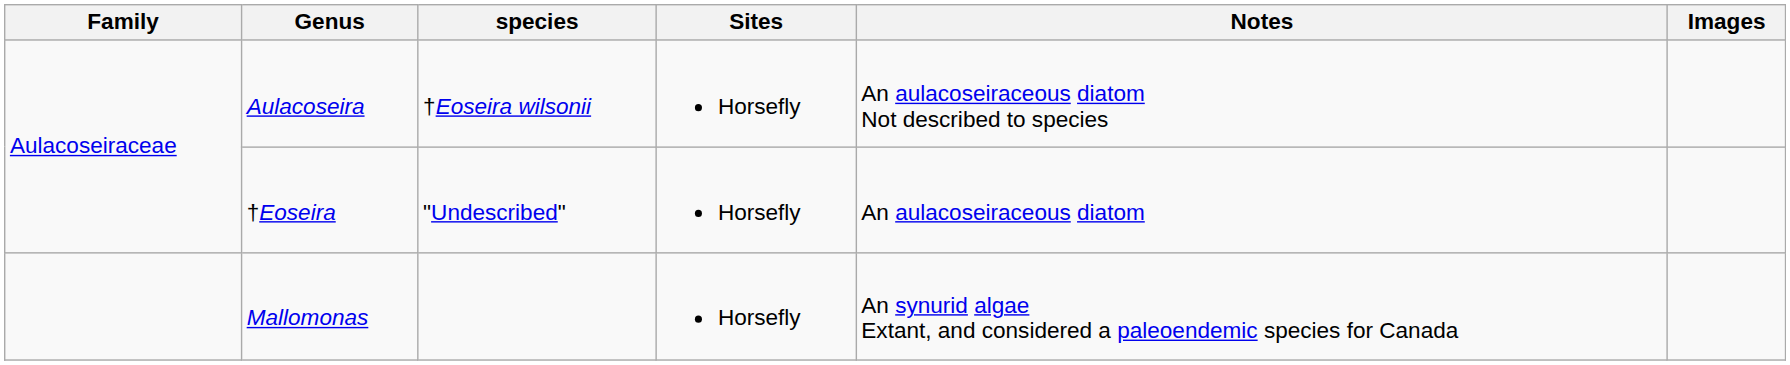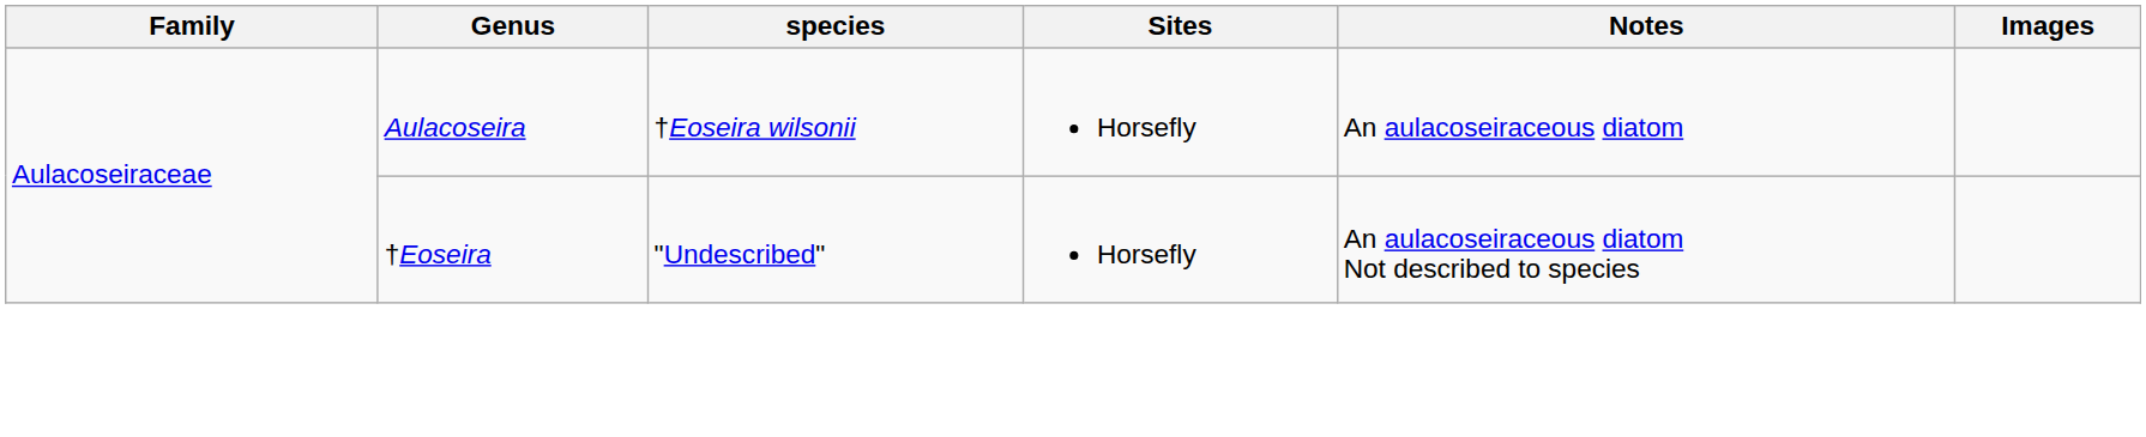 <table class="wikitable sortable mw-collapsible" style="margin:auto; width:100%">
 <tr>
 <th>Family</th>
 <th>Genus</th>
 <th>species</th>
 <th>Sites</th>
 <th>Notes</th>
 <th>Images</th>
 </tr>
 <tr>
 <td rowspan=2><a href='#'>Aulacoseiraceae</a></td>
 <td><br><em><a href='#'>Aulacoseira</a></em></td>
 <td><br>†<em><a href='#'>Eoseira wilsonii</a></em></td>
 <td><br><ul><li>Horsefly</li></ul></td>
-<td><br>An <a href='#'>aulacoseiraceous</a> <a href='#'>diatom</a><br>Not described to species</td>
+<td><br>An <a href='#'>aulacoseiraceous</a> <a href='#'>diatom</a></td>
 <td></td>
 </tr>
 <tr>
 <td><br>†<em><a href='#'>Eoseira</a></em></td>
 <td><br>"<a href='#'>Undescribed</a>"</td>
 <td><br><ul><li>Horsefly</li></ul></td>
-<td><br>An <a href='#'>aulacoseiraceous</a> <a href='#'>diatom</a></td>
-<td></td>
-</tr>
-<tr>
-<td><br></td>
-<td><br><em><a href='#'>Mallomonas</a></em></td>
-<td><br></td>
-<td><br><ul><li>Horsefly</li></ul></td>
-<td><br>An  <a href='#'>synurid</a> <a href='#'>algae</a><br> Extant, and considered a <a href='#'>paleoendemic</a> species for Canada</td>
+<td><br>An <a href='#'>aulacoseiraceous</a> <a href='#'>diatom</a><br>Not described to species</td>
 <td></td>
 </tr>
 </table>
